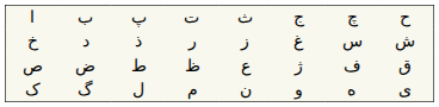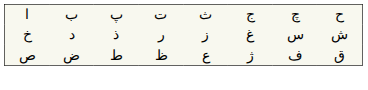 <table style="font-family:Arial Unicode MS; font-size:1.4em; border-color:#000000; border-width:1px; border-style:solid; border-collapse:collapse; text-align:right; background-color:#F8F8EF">
 <tr>
 <td style="width:3em; text-align:center; padding: 3px;">ا</td>
 <td style="width:3em; text-align:center; padding: 3px;">ب</td>
 <td style="width:3em; text-align:center; padding: 3px;">پ</td>
 <td style="width:3em; text-align:center; padding: 3px;">ت</td>
 <td style="width:3em; text-align:center; padding: 3px;">ث</td>
 <td style="width:3em; text-align:center; padding: 3px;">ج</td>
 <td style="width:3em; text-align:center; padding: 3px;">چ</td>
 <td style="width:3em; text-align:center; padding: 3px;">ح</td>
 </tr>
 <tr>
 <td style="width:3em; text-align:center; padding: 3px;">خ</td>
 <td style="width:3em; text-align:center; padding: 3px;">د</td>
 <td style="width:3em; text-align:center; padding: 3px;">ذ</td>
 <td style="width:3em; text-align:center; padding: 3px;">ر</td>
 <td style="width:3em; text-align:center; padding: 3px;">ز</td>
 <td style="width:3em; text-align:center; padding: 3px;">غ</td>
 <td style="width:3em; text-align:center; padding: 3px;">س</td>
 <td style="width:3em; text-align:center; padding: 3px;">ش</td>
 </tr>
 <tr>
 <td style="width:3em; text-align:center; padding: 3px;">ص</td>
 <td style="width:3em; text-align:center; padding: 3px;">ض</td>
 <td style="width:3em; text-align:center; padding: 3px;">ط</td>
 <td style="width:3em; text-align:center; padding: 3px;">ظ</td>
 <td style="width:3em; text-align:center; padding: 3px;">ع</td>
 <td style="width:3em; text-align:center; padding: 3px;">ژ</td>
 <td style="width:3em; text-align:center; padding: 3px;">ف</td>
 <td style="width:3em; text-align:center; padding: 3px;">ق</td>
 </tr>
-<tr>
-<td style="width:3em; text-align:center; padding: 3px;">ک</td>
-<td style="width:3em; text-align:center; padding: 3px;">گ</td>
-<td style="width:3em; text-align:center; padding: 3px;">ل</td>
-<td style="width:3em; text-align:center; padding: 3px;">م</td>
-<td style="width:3em; text-align:center; padding: 3px;">ن</td>
-<td style="width:3em; text-align:center; padding: 3px;">و</td>
-<td style="width:3em; text-align:center; padding: 3px;">ه</td>
-<td style="width:3em; text-align:center; padding: 3px;">ی</td>
-<td></td>
-</tr>
 </table>
